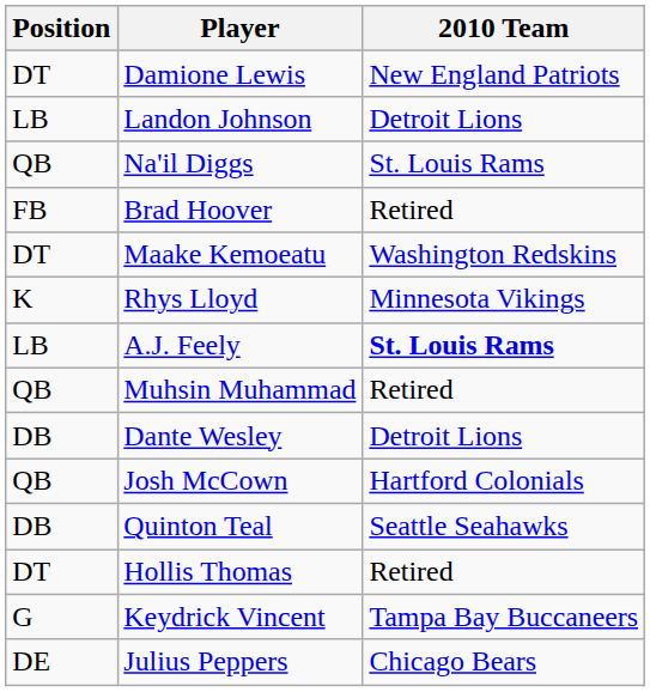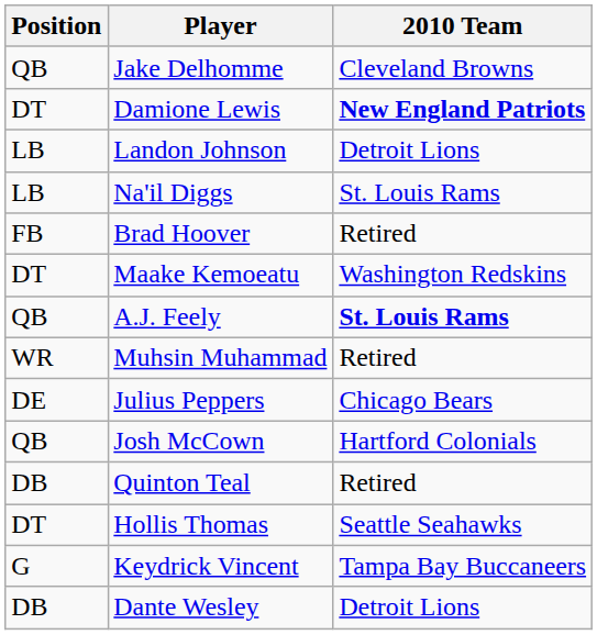 <table class="wikitable">
 <tr>
 <th>Position</th>
 <th>Player</th>
 <th>2010 Team</th>
 </tr>
 <tr>
+<td>QB</td>
+<td><a href='#'>Jake Delhomme</a></td>
+<td><a href='#'>Cleveland Browns</a></td>
+</tr>
+<tr>
 <td>DT</td>
 <td><a href='#'>Damione Lewis</a></td>
-<td><a href='#'>New England Patriots</a></td>
+<td><strong><a href='#'>New England Patriots</a></strong></td>
 </tr>
 <tr>
 <td>LB</td>
 <td><a href='#'>Landon Johnson</a></td>
 <td><a href='#'>Detroit Lions</a></td>
 </tr>
 <tr>
-<td>QB</td>
+<td>LB</td>
 <td><a href='#'>Na'il Diggs</a></td>
 <td><a href='#'>St. Louis Rams</a></td>
 </tr>
 <tr>
 <td>FB</td>
 <td><a href='#'>Brad Hoover</a></td>
 <td>Retired</td>
 </tr>
 <tr>
 <td>DT</td>
 <td><a href='#'>Maake Kemoeatu</a></td>
 <td><a href='#'>Washington Redskins</a></td>
 </tr>
 <tr>
-<td>K</td>
-<td><a href='#'>Rhys Lloyd</a></td>
-<td><a href='#'>Minnesota Vikings</a></td>
-</tr>
-<tr>
-<td>LB</td>
+<td>QB</td>
 <td><a href='#'>A.J. Feely</a></td>
 <td><strong><a href='#'>St. Louis Rams</a></strong></td>
 </tr>
 <tr>
-<td>QB</td>
+<td>WR</td>
 <td><a href='#'>Muhsin Muhammad</a></td>
 <td>Retired</td>
 </tr>
 <tr>
-<td>DB</td>
-<td><a href='#'>Dante Wesley</a></td>
-<td><a href='#'>Detroit Lions</a></td>
+<td>DE</td>
+<td><a href='#'>Julius Peppers</a></td>
+<td><a href='#'>Chicago Bears</a></td>
 </tr>
 <tr>
 <td>QB</td>
 <td><a href='#'>Josh McCown</a></td>
 <td><a href='#'>Hartford Colonials</a></td>
 </tr>
 <tr>
 <td>DB</td>
 <td><a href='#'>Quinton Teal</a></td>
-<td><a href='#'>Seattle Seahawks</a></td>
+<td>Retired</td>
 </tr>
 <tr>
 <td>DT</td>
 <td><a href='#'>Hollis Thomas</a></td>
-<td>Retired</td>
+<td><a href='#'>Seattle Seahawks</a></td>
 </tr>
 <tr>
 <td>G</td>
 <td><a href='#'>Keydrick Vincent</a></td>
 <td><a href='#'>Tampa Bay Buccaneers</a></td>
 </tr>
 <tr>
-<td>DE</td>
-<td><a href='#'>Julius Peppers</a></td>
-<td><a href='#'>Chicago Bears</a></td>
+<td>DB</td>
+<td><a href='#'>Dante Wesley</a></td>
+<td><a href='#'>Detroit Lions</a></td>
 </tr>
 </table>
